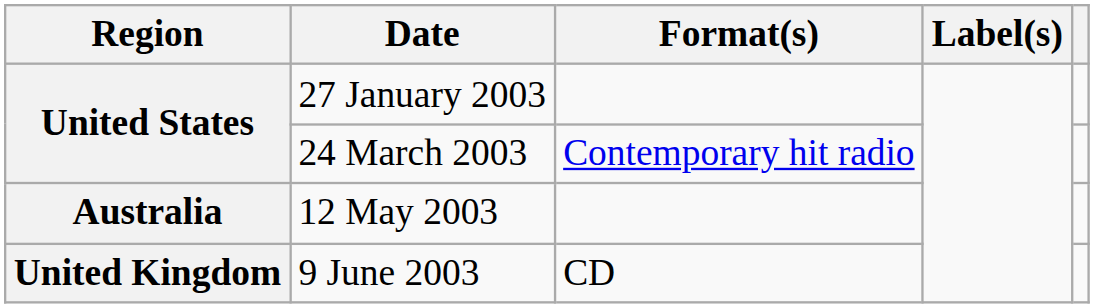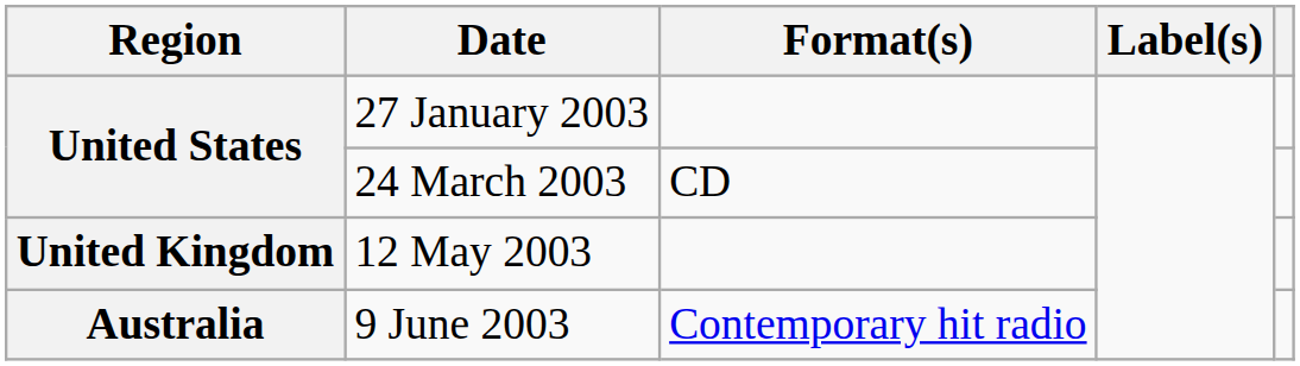 <table class="wikitable plainrowheaders">
 <tr>
 <th scope="col">Region</th>
 <th scope="col">Date</th>
 <th scope="col">Format(s)</th>
 <th scope="col">Label(s)</th>
 <th scope="col"></th>
 </tr>
 <tr>
 <th scope="row" rowspan="2">United States</th>
 <td>27 January 2003</td>
 <td></td>
 <td rowspan="4"></td>
 <td></td>
 </tr>
 <tr>
 <td>24 March 2003</td>
-<td><a href='#'>Contemporary hit radio</a></td>
+<td>CD</td>
 <td></td>
 </tr>
 <tr>
-<th scope="row">Australia</th>
+<th scope="row">United Kingdom</th>
 <td>12 May 2003</td>
 <td></td>
 <td></td>
 </tr>
 <tr>
-<th scope="row">United Kingdom</th>
+<th scope="row">Australia</th>
 <td>9 June 2003</td>
-<td>CD</td>
+<td><a href='#'>Contemporary hit radio</a></td>
 <td></td>
 </tr>
 </table>
